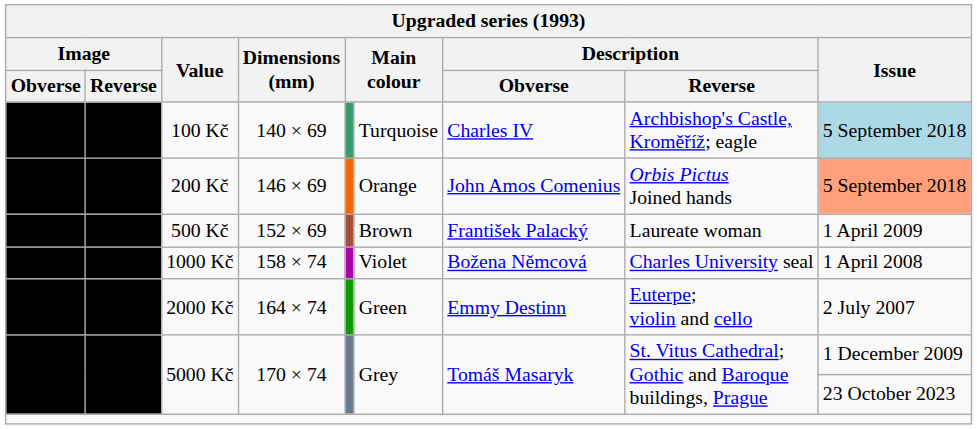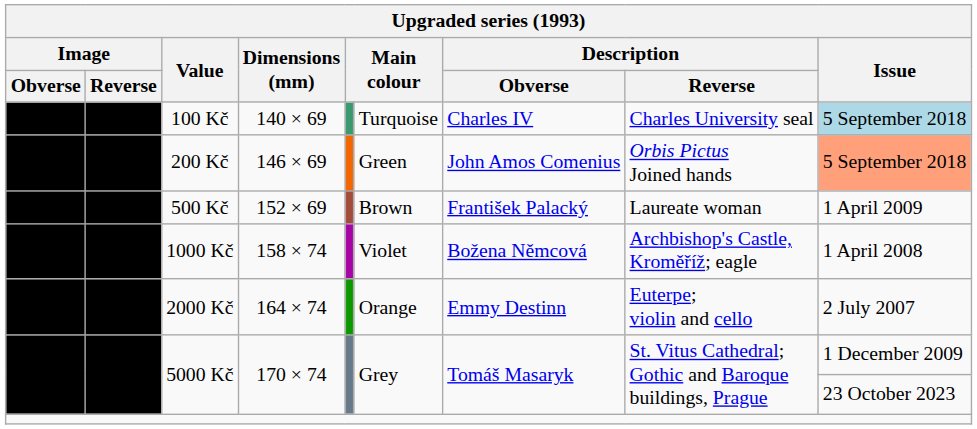 <table class="wikitable" style="margin:auto; font-size:90%; border-width:1px;">
 <tr>
 <th colspan=10>Upgraded series (1993)</th>
 </tr>
 <tr>
 <th colspan=2>Image</th>
 <th rowspan=2>Value</th>
 <th rowspan=2>Dimensions<br>(mm)</th>
 <th rowspan=2 colspan=2>Main<br>colour</th>
 <th colspan=2>Description</th>
 <th rowspan=2>Issue</th>
 </tr>
 <tr>
 <th>Obverse</th>
 <th>Reverse</th>
 <th>Obverse</th>
 <th>Reverse</th>
 </tr>
 <tr>
 <td align=center bgcolor="#000000"></td>
 <td align=center bgcolor="#000000"></td>
 <td align=center>100 Kč</td>
 <td align=center>140 × 69</td>
 <td style="background:#3A996E;"></td>
 <td>Turquoise</td>
 <td><a href='#'>Charles IV</a></td>
-<td><a href='#'>Archbishop's Castle,<br>Kroměříž</a>; eagle</td>
+<td><a href='#'>Charles University</a> seal</td>
 <td style="background: lightblue;">5 September 2018</td>
 </tr>
 <tr>
 <td align=center bgcolor="#000000"></td>
 <td align=center bgcolor="#000000"></td>
 <td align=center>200 Kč</td>
 <td align=center>146 × 69</td>
 <td style="background:#F46600;"></td>
-<td>Orange</td>
+<td>Green</td>
 <td><a href='#'>John Amos Comenius</a></td>
 <td><em><a href='#'>Orbis Pictus</a></em><br>Joined hands</td>
 <td style="background: lightsalmon;">5 September 2018</td>
 </tr>
 <tr>
 <td align=center bgcolor="#000000"></td>
 <td align=center bgcolor="#000000"></td>
 <td align=center>500 Kč</td>
 <td align=center>152 × 69</td>
 <td style="background:#A34C39;"></td>
 <td>Brown</td>
 <td><a href='#'>František Palacký</a></td>
 <td>Laureate woman</td>
 <td>1 April 2009</td>
 </tr>
 <tr>
 <td align=center bgcolor="#000000"></td>
 <td align=center bgcolor="#000000"></td>
 <td align=center>1000 Kč</td>
 <td align=center>158 × 74</td>
 <td style="background:#A803A5;"></td>
 <td>Violet</td>
 <td><a href='#'>Božena Němcová</a></td>
-<td><a href='#'>Charles University</a> seal</td>
+<td><a href='#'>Archbishop's Castle,<br>Kroměříž</a>; eagle</td>
 <td>1 April 2008</td>
 </tr>
 <tr>
 <td align=center bgcolor="#000000"></td>
 <td align=center bgcolor="#000000"></td>
 <td align=center>2000 Kč</td>
 <td align=center>164 × 74</td>
 <td style="background:#0C9900;"></td>
-<td>Green</td>
+<td>Orange</td>
 <td><a href='#'>Emmy Destinn</a></td>
 <td><a href='#'>Euterpe</a>;<br><a href='#'>violin</a> and <a href='#'>cello</a></td>
 <td>2 July 2007</td>
 </tr>
 <tr>
 <td rowspan=2 align=center bgcolor="#000000"></td>
 <td rowspan=2 align=center bgcolor="#000000"></td>
 <td rowspan=2 align=center>5000 Kč</td>
 <td rowspan=2 align=center>170 × 74</td>
 <td rowspan=2 style="background:#687989;"></td>
 <td rowspan=2>Grey</td>
 <td rowspan=2><a href='#'>Tomáš Masaryk</a></td>
 <td rowspan=2><a href='#'>St. Vitus Cathedral</a>;<br><a href='#'>Gothic</a> and <a href='#'>Baroque</a><br>buildings, <a href='#'>Prague</a></td>
 <td>1 December 2009</td>
 </tr>
 <tr>
 <td>23 October 2023</td>
 </tr>
 <tr>
 <td colspan=10></td>
 </tr>
 </table>
